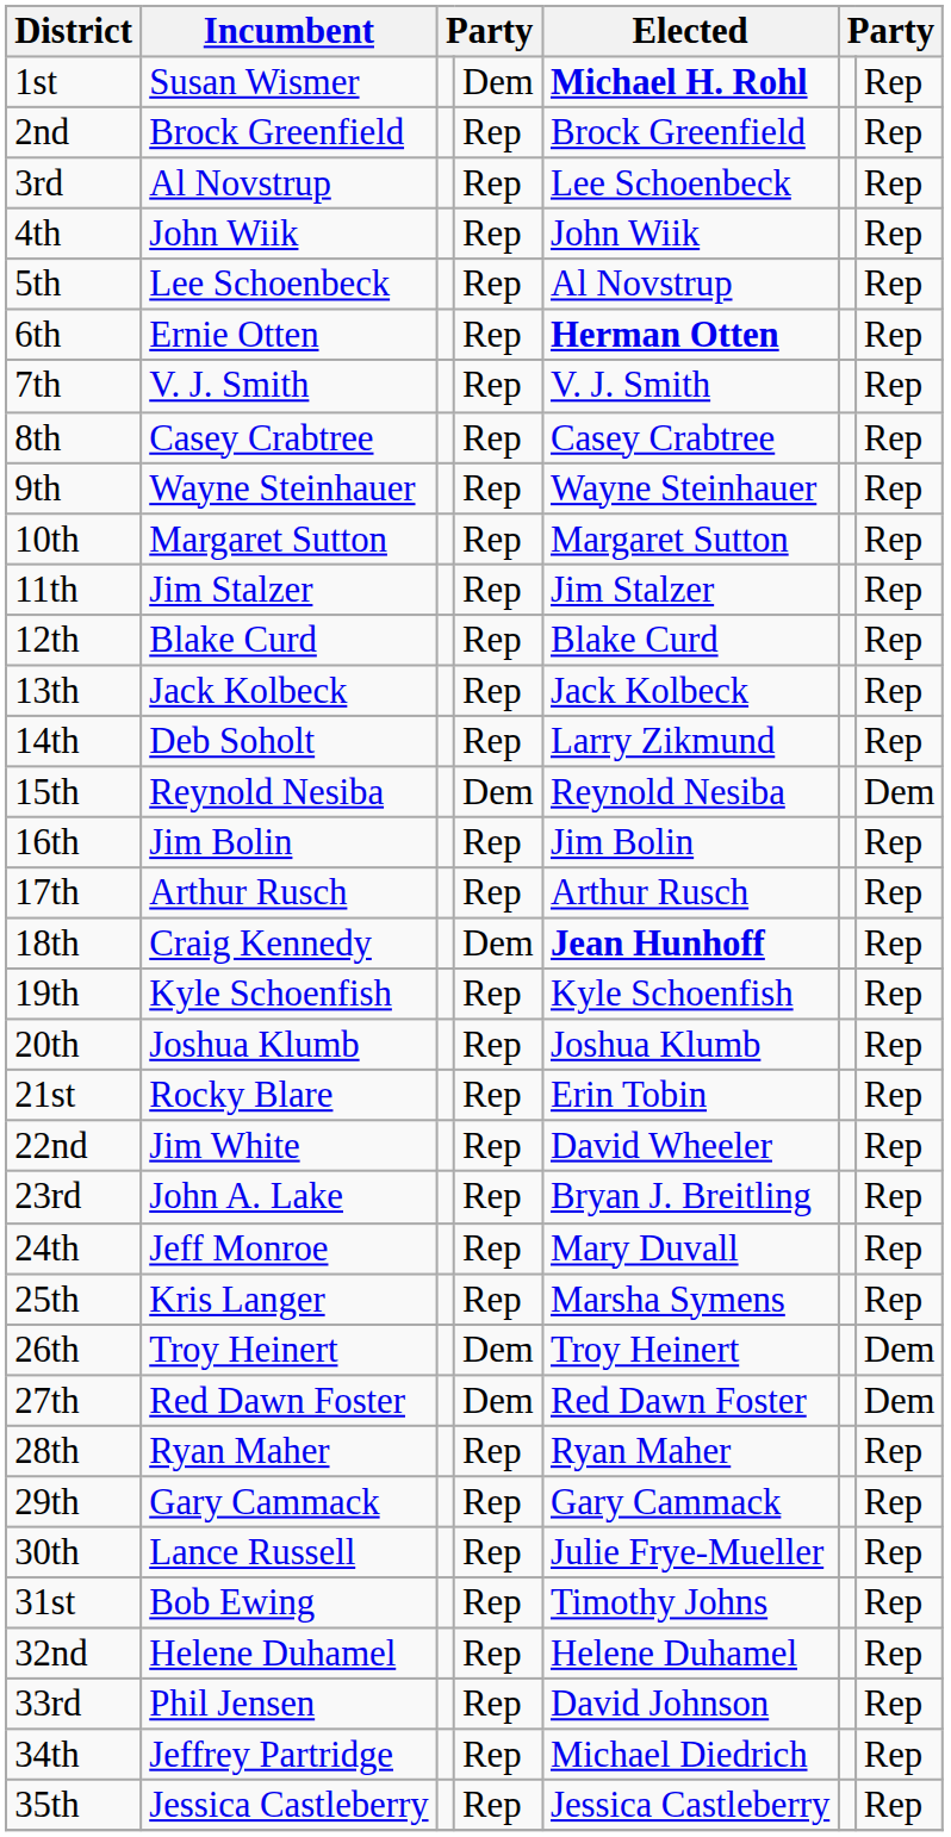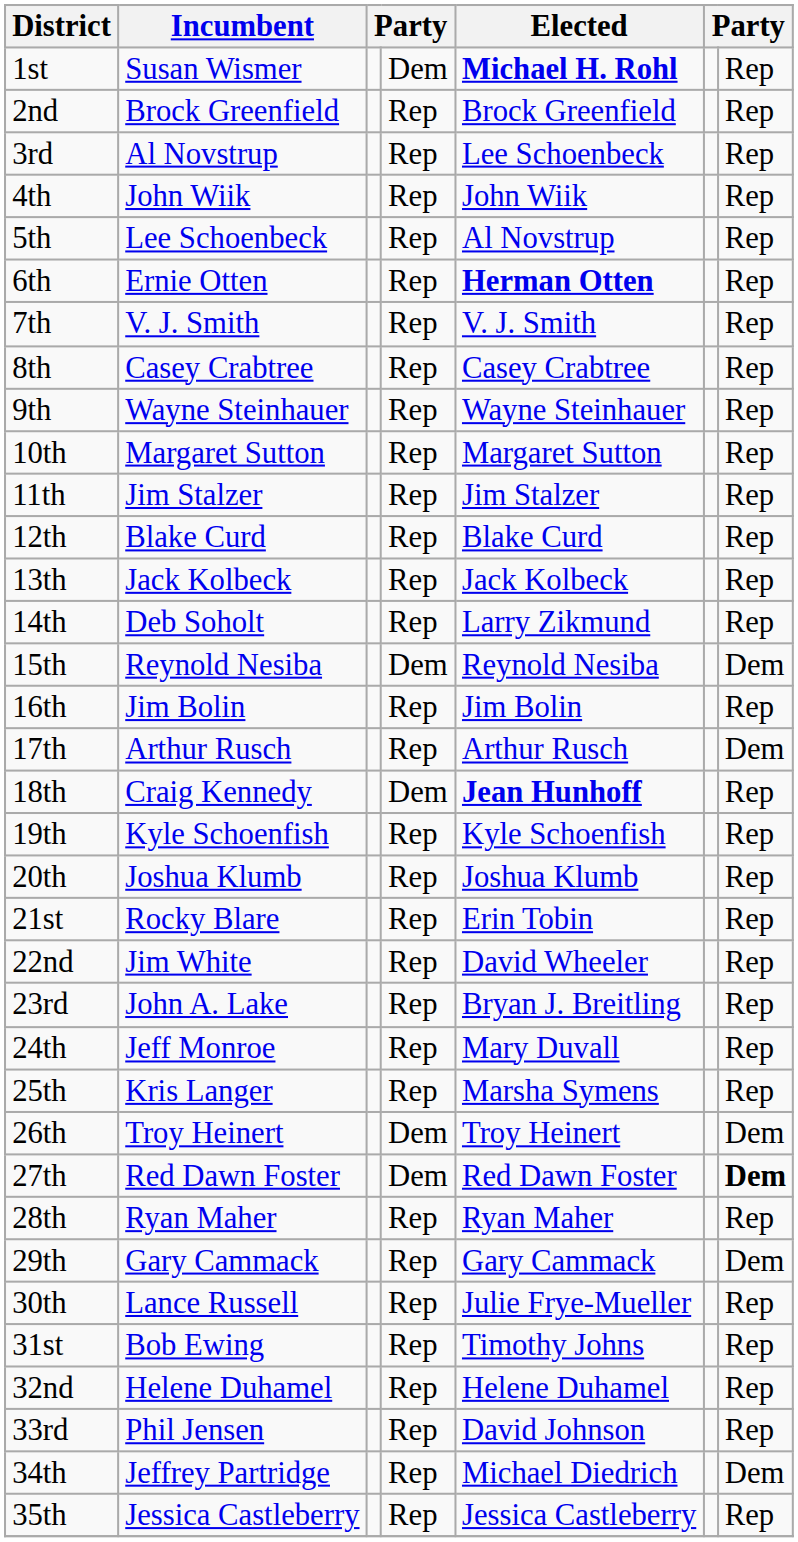 <table class="sortable wikitable" style="font-size:95%;line-height:14px;">
 <tr>
 <th class="unsortable">District</th>
 <th class="unsortable"><a href='#'>Incumbent</a></th>
 <th colspan="2">Party</th>
 <th class="unsortable">Elected</th>
 <th colspan="2">Party</th>
 </tr>
 <tr>
 <td>1st</td>
 <td><a href='#'>Susan Wismer</a></td>
 <td style="background:"></td>
 <td>Dem</td>
 <td><strong><a href='#'>Michael H. Rohl</a></strong></td>
 <td style="background:"></td>
 <td>Rep</td>
 </tr>
 <tr>
 <td>2nd</td>
 <td><a href='#'>Brock Greenfield</a></td>
 <td style="background:"></td>
 <td>Rep</td>
 <td><a href='#'>Brock Greenfield</a></td>
 <td style="background:"></td>
 <td>Rep</td>
 </tr>
 <tr>
 <td>3rd</td>
 <td><a href='#'>Al Novstrup</a></td>
 <td style="background:"></td>
 <td>Rep</td>
 <td><a href='#'>Lee Schoenbeck</a></td>
 <td style="background:"></td>
 <td>Rep</td>
 </tr>
 <tr>
 <td>4th</td>
 <td><a href='#'>John Wiik</a></td>
 <td style="background:"></td>
 <td>Rep</td>
 <td><a href='#'>John Wiik</a></td>
 <td style="background:"></td>
 <td>Rep</td>
 </tr>
 <tr>
 <td>5th</td>
 <td><a href='#'>Lee Schoenbeck</a></td>
 <td style="background:"></td>
 <td>Rep</td>
 <td><a href='#'>Al Novstrup</a></td>
 <td style="background:"></td>
 <td>Rep</td>
 </tr>
 <tr>
 <td>6th</td>
 <td><a href='#'>Ernie Otten</a></td>
 <td style="background:"></td>
 <td>Rep</td>
 <td><strong><a href='#'>Herman Otten</a></strong></td>
 <td style="background:"></td>
 <td>Rep</td>
 </tr>
 <tr>
 <td>7th</td>
 <td><a href='#'>V. J. Smith</a></td>
 <td style="background:"></td>
 <td>Rep</td>
 <td><a href='#'>V. J. Smith</a></td>
 <td style="background:"></td>
 <td>Rep</td>
 </tr>
 <tr>
 <td>8th</td>
 <td><a href='#'>Casey Crabtree</a></td>
 <td style="background:"></td>
 <td>Rep</td>
 <td><a href='#'>Casey Crabtree</a></td>
 <td style="background:"></td>
 <td>Rep</td>
 </tr>
 <tr>
 <td>9th</td>
 <td><a href='#'>Wayne Steinhauer</a></td>
 <td style="background:"></td>
 <td>Rep</td>
 <td><a href='#'>Wayne Steinhauer</a></td>
 <td style="background:"></td>
 <td>Rep</td>
 </tr>
 <tr>
 <td>10th</td>
 <td><a href='#'>Margaret Sutton</a></td>
 <td style="background:"></td>
 <td>Rep</td>
 <td><a href='#'>Margaret Sutton</a></td>
 <td style="background:"></td>
 <td>Rep</td>
 </tr>
 <tr>
 <td>11th</td>
 <td><a href='#'>Jim Stalzer</a></td>
 <td style="background:"></td>
 <td>Rep</td>
 <td><a href='#'>Jim Stalzer</a></td>
 <td style="background:"></td>
 <td>Rep</td>
 </tr>
 <tr>
 <td>12th</td>
 <td><a href='#'>Blake Curd</a></td>
 <td style="background:"></td>
 <td>Rep</td>
 <td><a href='#'>Blake Curd</a></td>
 <td style="background:"></td>
 <td>Rep</td>
 </tr>
 <tr>
 <td>13th</td>
 <td><a href='#'>Jack Kolbeck</a></td>
 <td style="background:"></td>
 <td>Rep</td>
 <td><a href='#'>Jack Kolbeck</a></td>
 <td style="background:"></td>
 <td>Rep</td>
 </tr>
 <tr>
 <td>14th</td>
 <td><a href='#'>Deb Soholt</a></td>
 <td style="background:"></td>
 <td>Rep</td>
 <td><a href='#'>Larry Zikmund</a></td>
 <td style="background:"></td>
 <td>Rep</td>
 </tr>
 <tr>
 <td>15th</td>
 <td><a href='#'>Reynold Nesiba</a></td>
 <td style="background:"></td>
 <td>Dem</td>
 <td><a href='#'>Reynold Nesiba</a></td>
 <td style="background:"></td>
 <td>Dem</td>
 </tr>
 <tr>
 <td>16th</td>
 <td><a href='#'>Jim Bolin</a></td>
 <td style="background:"></td>
 <td>Rep</td>
 <td><a href='#'>Jim Bolin</a></td>
 <td style="background:"></td>
 <td>Rep</td>
 </tr>
 <tr>
 <td>17th</td>
 <td><a href='#'>Arthur Rusch</a></td>
 <td style="background:"></td>
 <td>Rep</td>
 <td><a href='#'>Arthur Rusch</a></td>
 <td style="background:"></td>
-<td>Rep</td>
+<td>Dem</td>
 </tr>
 <tr>
 <td>18th</td>
 <td><a href='#'>Craig Kennedy</a></td>
 <td style="background:"></td>
 <td>Dem</td>
 <td><strong><a href='#'>Jean Hunhoff</a></strong></td>
 <td style="background:"></td>
 <td>Rep</td>
 </tr>
 <tr>
 <td>19th</td>
 <td><a href='#'>Kyle Schoenfish</a></td>
 <td style="background:"></td>
 <td>Rep</td>
 <td><a href='#'>Kyle Schoenfish</a></td>
 <td style="background:"></td>
 <td>Rep</td>
 </tr>
 <tr>
 <td>20th</td>
 <td><a href='#'>Joshua Klumb</a></td>
 <td style="background:"></td>
 <td>Rep</td>
 <td><a href='#'>Joshua Klumb</a></td>
 <td style="background:"></td>
 <td>Rep</td>
 </tr>
 <tr>
 <td>21st</td>
 <td><a href='#'>Rocky Blare</a></td>
 <td style="background:"></td>
 <td>Rep</td>
 <td><a href='#'>Erin Tobin</a></td>
 <td style="background:"></td>
 <td>Rep</td>
 </tr>
 <tr>
 <td>22nd</td>
 <td><a href='#'>Jim White</a></td>
 <td style="background:"></td>
 <td>Rep</td>
 <td><a href='#'>David Wheeler</a></td>
 <td style="background:"></td>
 <td>Rep</td>
 </tr>
 <tr>
 <td>23rd</td>
 <td><a href='#'>John A. Lake</a></td>
 <td style="background:"></td>
 <td>Rep</td>
 <td><a href='#'>Bryan J. Breitling</a></td>
 <td style="background:"></td>
 <td>Rep</td>
 </tr>
 <tr>
 <td>24th</td>
 <td><a href='#'>Jeff Monroe</a></td>
 <td style="background:"></td>
 <td>Rep</td>
 <td><a href='#'>Mary Duvall</a></td>
 <td style="background:"></td>
 <td>Rep</td>
 </tr>
 <tr>
 <td>25th</td>
 <td><a href='#'>Kris Langer</a></td>
 <td style="background:"></td>
 <td>Rep</td>
 <td><a href='#'>Marsha Symens</a></td>
 <td style="background:"></td>
 <td>Rep</td>
 </tr>
 <tr>
 <td>26th</td>
 <td><a href='#'>Troy Heinert</a></td>
 <td style="background:"></td>
 <td>Dem</td>
 <td><a href='#'>Troy Heinert</a></td>
 <td style="background:"></td>
 <td>Dem</td>
 </tr>
 <tr>
 <td>27th</td>
 <td><a href='#'>Red Dawn Foster</a></td>
 <td style="background:"></td>
 <td>Dem</td>
 <td><a href='#'>Red Dawn Foster</a></td>
 <td style="background:"></td>
-<td>Dem</td>
+<td><strong>Dem</strong></td>
 </tr>
 <tr>
 <td>28th</td>
 <td><a href='#'>Ryan Maher</a></td>
 <td style="background:"></td>
 <td>Rep</td>
 <td><a href='#'>Ryan Maher</a></td>
 <td style="background:"></td>
 <td>Rep</td>
 </tr>
 <tr>
 <td>29th</td>
 <td><a href='#'>Gary Cammack</a></td>
 <td style="background:"></td>
 <td>Rep</td>
 <td><a href='#'>Gary Cammack</a></td>
 <td style="background:"></td>
-<td>Rep</td>
+<td>Dem</td>
 </tr>
 <tr>
 <td>30th</td>
 <td><a href='#'>Lance Russell</a></td>
 <td style="background:"></td>
 <td>Rep</td>
 <td><a href='#'>Julie Frye-Mueller</a></td>
 <td style="background:"></td>
 <td>Rep</td>
 </tr>
 <tr>
 <td>31st</td>
 <td><a href='#'>Bob Ewing</a></td>
 <td style="background:"></td>
 <td>Rep</td>
 <td><a href='#'>Timothy Johns</a></td>
 <td style="background:"></td>
 <td>Rep</td>
 </tr>
 <tr>
 <td>32nd</td>
 <td><a href='#'>Helene Duhamel</a></td>
 <td style="background:"></td>
 <td>Rep</td>
 <td><a href='#'>Helene Duhamel</a></td>
 <td style="background:"></td>
 <td>Rep</td>
 </tr>
 <tr>
 <td>33rd</td>
 <td><a href='#'>Phil Jensen</a></td>
 <td style="background:"></td>
 <td>Rep</td>
 <td><a href='#'>David Johnson</a></td>
 <td style="background:"></td>
 <td>Rep</td>
 </tr>
 <tr>
 <td>34th</td>
 <td><a href='#'>Jeffrey Partridge</a></td>
 <td style="background:"></td>
 <td>Rep</td>
 <td><a href='#'>Michael Diedrich</a></td>
 <td style="background:"></td>
-<td>Rep</td>
+<td>Dem</td>
 </tr>
 <tr>
 <td>35th</td>
 <td><a href='#'>Jessica Castleberry</a></td>
 <td style="background:"></td>
 <td>Rep</td>
 <td><a href='#'>Jessica Castleberry</a></td>
 <td style="background:"></td>
 <td>Rep</td>
 </tr>
 <tr>
 </tr>
 </table>
